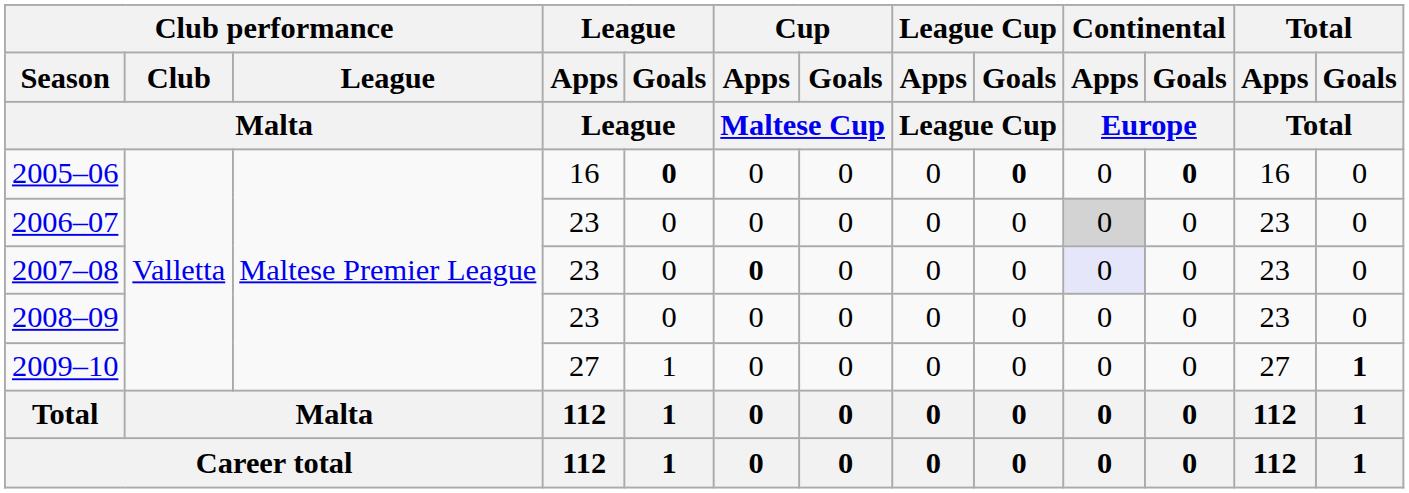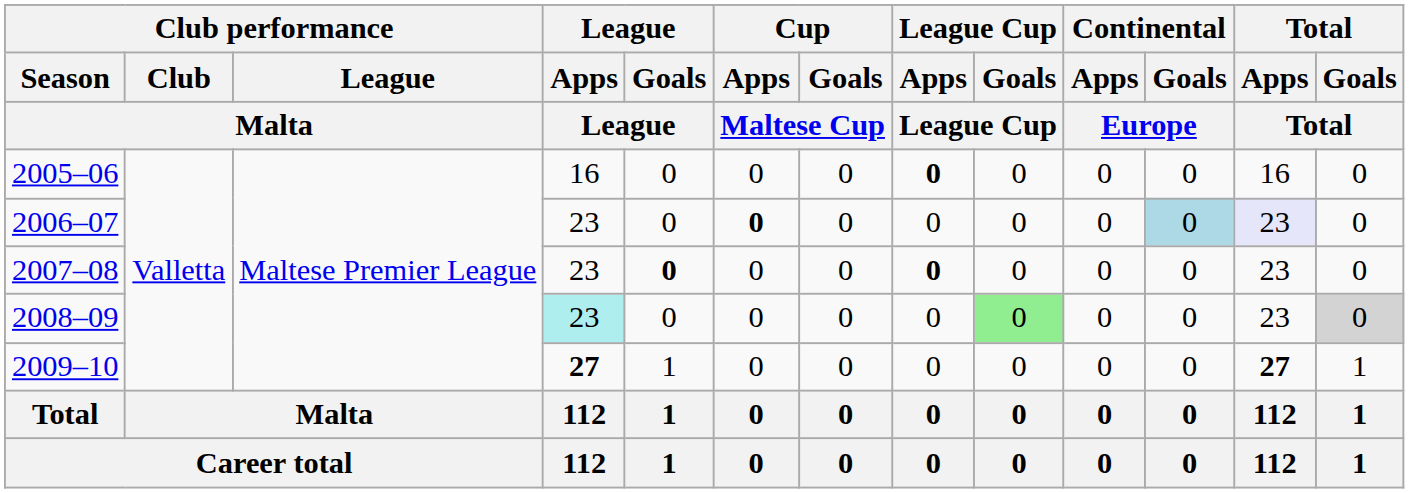 <table class="wikitable" style="text-align:center">
 <tr>
 <th colspan=3>Club performance</th>
 <th colspan=2>League</th>
 <th colspan=2>Cup</th>
 <th colspan=2>League Cup</th>
 <th colspan=2>Continental</th>
 <th colspan=2>Total</th>
 </tr>
 <tr>
 <th>Season</th>
 <th>Club</th>
 <th>League</th>
 <th>Apps</th>
 <th>Goals</th>
 <th>Apps</th>
 <th>Goals</th>
 <th>Apps</th>
 <th>Goals</th>
 <th>Apps</th>
 <th>Goals</th>
 <th>Apps</th>
 <th>Goals</th>
 </tr>
 <tr>
 <th colspan=3>Malta</th>
 <th colspan=2>League</th>
 <th colspan=2><a href='#'>Maltese Cup</a></th>
 <th colspan=2>League Cup</th>
 <th colspan=2><a href='#'>Europe</a></th>
 <th colspan=2>Total</th>
 </tr>
 <tr>
 <td><a href='#'>2005–06</a></td>
 <td rowspan="5"><a href='#'>Valletta</a></td>
 <td rowspan="5"><a href='#'>Maltese Premier League</a></td>
 <td>16</td>
-<td><strong>0</strong></td>
 <td>0</td>
 <td>0</td>
 <td>0</td>
 <td><strong>0</strong></td>
 <td>0</td>
-<td><strong>0</strong></td>
+<td>0</td>
+<td>0</td>
 <td>16</td>
 <td>0</td>
 </tr>
 <tr>
 <td><a href='#'>2006–07</a></td>
 <td>23</td>
 <td>0</td>
+<td><strong>0</strong></td>
 <td>0</td>
 <td>0</td>
 <td>0</td>
 <td>0</td>
-<td style="background: lightgrey;">0</td>
-<td>0</td>
-<td>23</td>
+<td style="background: lightblue;">0</td>
+<td style="background: lavender;">23</td>
 <td>0</td>
 </tr>
 <tr>
 <td><a href='#'>2007–08</a></td>
 <td>23</td>
-<td>0</td>
 <td><strong>0</strong></td>
 <td>0</td>
 <td>0</td>
-<td>0</td>
-<td style="background: lavender;">0</td>
-<td>0</td>
-<td>23</td>
-<td>0</td>
-</tr>
-<tr>
-<td><a href='#'>2008–09</a></td>
-<td>23</td>
-<td>0</td>
-<td>0</td>
-<td>0</td>
-<td>0</td>
+<td><strong>0</strong></td>
 <td>0</td>
 <td>0</td>
 <td>0</td>
 <td>23</td>
 <td>0</td>
 </tr>
 <tr>
+<td><a href='#'>2008–09</a></td>
+<td style="background: paleturquoise;">23</td>
+<td>0</td>
+<td>0</td>
+<td>0</td>
+<td>0</td>
+<td style="background: lightgreen;">0</td>
+<td>0</td>
+<td>0</td>
+<td>23</td>
+<td style="background: lightgrey;">0</td>
+</tr>
+<tr>
 <td><a href='#'>2009–10</a></td>
-<td>27</td>
+<td><strong>27</strong></td>
 <td>1</td>
 <td>0</td>
 <td>0</td>
 <td>0</td>
 <td>0</td>
 <td>0</td>
 <td>0</td>
-<td>27</td>
-<td><strong>1</strong></td>
+<td><strong>27</strong></td>
+<td>1</td>
 </tr>
 <tr>
 <th rowspan=1>Total</th>
 <th colspan=2>Malta</th>
 <th>112</th>
 <th>1</th>
 <th>0</th>
 <th>0</th>
 <th>0</th>
 <th>0</th>
 <th>0</th>
 <th>0</th>
 <th>112</th>
 <th>1</th>
 </tr>
 <tr>
 <th colspan=3>Career total</th>
 <th>112</th>
 <th>1</th>
 <th>0</th>
 <th>0</th>
 <th>0</th>
 <th>0</th>
 <th>0</th>
 <th>0</th>
 <th>112</th>
 <th>1</th>
 </tr>
 </table>
